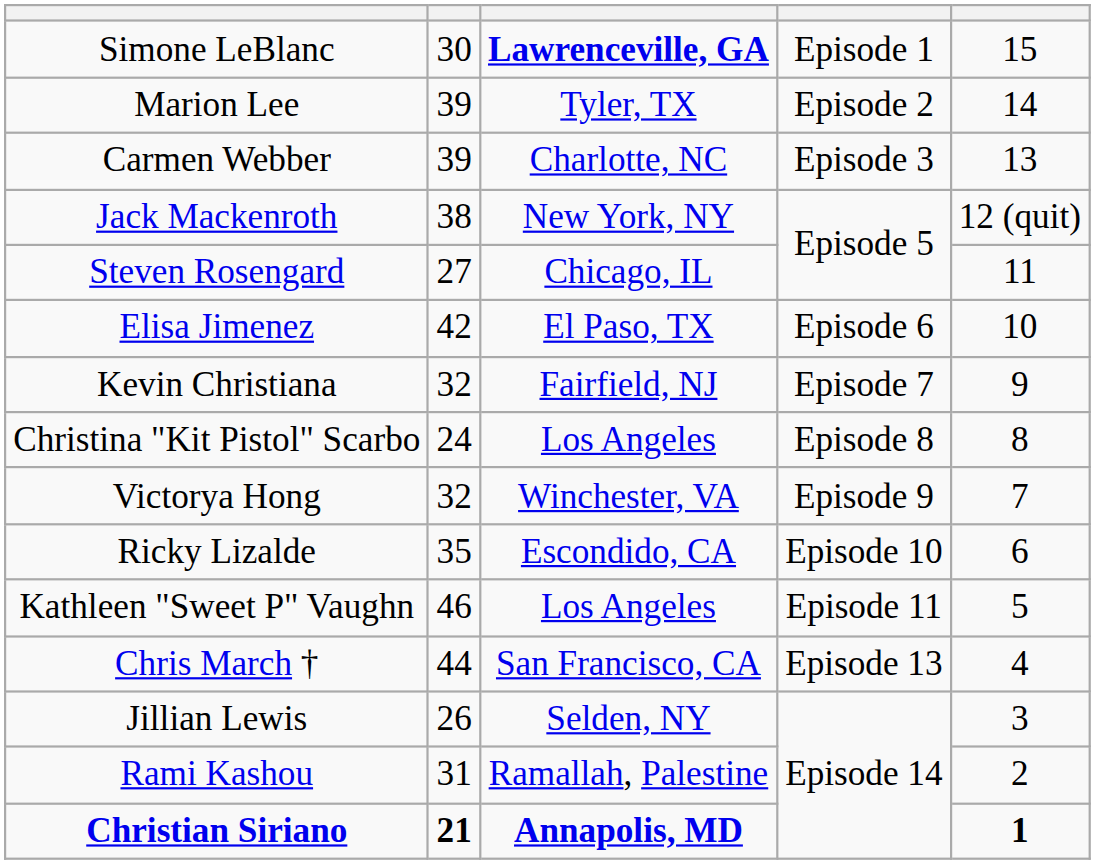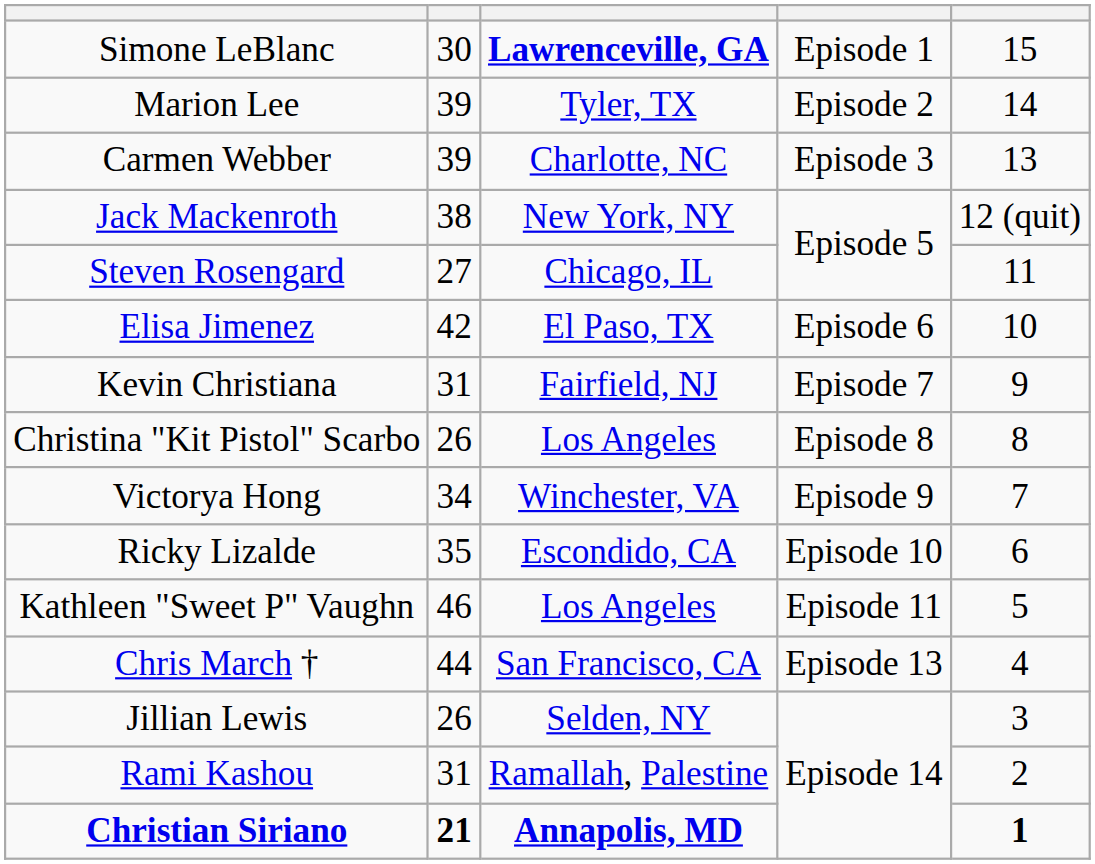 <table class="wikitable sortable" style="text-align:center;">
 <tr>
 <th></th>
 <th></th>
 <th></th>
 <th></th>
 <th></th>
 </tr>
 <tr>
 <td>Simone LeBlanc</td>
 <td>30</td>
 <td><strong><a href='#'>Lawrenceville, GA</a></strong></td>
 <td>Episode 1</td>
 <td>15</td>
 </tr>
 <tr>
 <td>Marion Lee</td>
 <td>39</td>
 <td><a href='#'>Tyler, TX</a></td>
 <td>Episode 2</td>
 <td>14</td>
 </tr>
 <tr>
 <td>Carmen Webber</td>
 <td>39</td>
 <td><a href='#'>Charlotte, NC</a></td>
 <td>Episode 3</td>
 <td>13</td>
 </tr>
 <tr>
 <td><a href='#'>Jack Mackenroth</a></td>
 <td>38</td>
 <td><a href='#'>New York, NY</a></td>
 <td rowspan="2">Episode 5</td>
 <td>12 (quit)</td>
 </tr>
 <tr>
 <td><a href='#'>Steven Rosengard</a></td>
 <td>27</td>
 <td><a href='#'>Chicago, IL</a></td>
 <td>11</td>
 </tr>
 <tr>
 <td><a href='#'>Elisa Jimenez</a></td>
 <td>42</td>
 <td><a href='#'>El Paso, TX</a></td>
 <td>Episode 6</td>
 <td>10</td>
 </tr>
 <tr>
 <td>Kevin Christiana</td>
-<td>32</td>
+<td>31</td>
 <td><a href='#'>Fairfield, NJ</a></td>
 <td>Episode 7</td>
 <td>9</td>
 </tr>
 <tr>
 <td>Christina "Kit Pistol" Scarbo</td>
-<td>24</td>
+<td>26</td>
 <td><a href='#'>Los Angeles</a></td>
 <td>Episode 8</td>
 <td>8</td>
 </tr>
 <tr>
 <td>Victorya Hong</td>
-<td>32</td>
+<td>34</td>
 <td><a href='#'>Winchester, VA</a></td>
 <td>Episode 9</td>
 <td>7</td>
 </tr>
 <tr>
 <td>Ricky Lizalde</td>
 <td>35</td>
 <td><a href='#'>Escondido, CA</a></td>
 <td>Episode 10</td>
 <td>6</td>
 </tr>
 <tr>
 <td>Kathleen "Sweet P" Vaughn</td>
 <td>46</td>
 <td><a href='#'>Los Angeles</a></td>
 <td>Episode 11</td>
 <td>5</td>
 </tr>
 <tr>
 <td><a href='#'>Chris March</a> †</td>
 <td>44</td>
 <td><a href='#'>San Francisco, CA</a></td>
 <td>Episode 13</td>
 <td>4</td>
 </tr>
 <tr>
 <td>Jillian Lewis</td>
 <td>26</td>
 <td><a href='#'>Selden, NY</a></td>
 <td rowspan="3">Episode 14</td>
 <td>3</td>
 </tr>
 <tr>
 <td><a href='#'>Rami Kashou</a></td>
 <td>31</td>
 <td><a href='#'>Ramallah</a>, <a href='#'>Palestine</a></td>
 <td>2</td>
 </tr>
 <tr>
 <td><strong><a href='#'>Christian Siriano</a></strong></td>
 <td><strong>21</strong></td>
 <td><strong><a href='#'>Annapolis, MD</a></strong></td>
 <td><strong>1</strong></td>
 </tr>
 </table>
